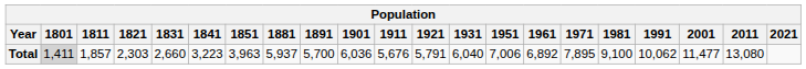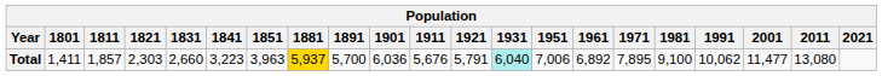 <table class="wikitable" style="margin: 1em auto 1em auto;">
 <tr>
 <th colspan="21”">Population</th>
 </tr>
 <tr>
 <th>Year</th>
 <th>1801</th>
 <th>1811</th>
 <th>1821</th>
 <th>1831</th>
 <th>1841</th>
 <th>1851</th>
 <th>1881</th>
 <th>1891</th>
 <th>1901</th>
 <th>1911</th>
 <th>1921</th>
 <th>1931</th>
 <th>1951</th>
 <th>1961</th>
 <th>1971</th>
 <th>1981</th>
 <th>1991</th>
 <th>2001</th>
 <th>2011</th>
 <th>2021</th>
 </tr>
 <tr>
 <th>Total</th>
-<td style="background: lightgrey;">1,411</td>
+<td>1,411</td>
 <td>1,857</td>
 <td>2,303</td>
 <td>2,660</td>
 <td>3,223</td>
 <td>3,963</td>
-<td>5,937</td>
+<td style="background: gold;">5,937</td>
 <td>5,700</td>
 <td>6,036</td>
 <td>5,676</td>
 <td>5,791</td>
-<td>6,040</td>
+<td style="background: paleturquoise;">6,040</td>
 <td>7,006</td>
 <td>6,892</td>
 <td>7,895</td>
 <td>9,100</td>
 <td>10,062</td>
 <td>11,477</td>
 <td>13,080</td>
 <td></td>
 </tr>
 </table>
